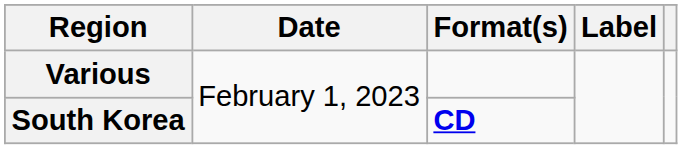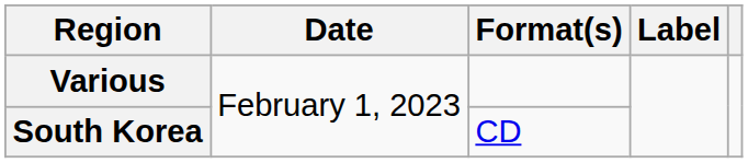 <table class="wikitable plainrowheaders">
 <tr>
 <th scope="col">Region</th>
 <th scope="col">Date</th>
 <th scope="col">Format(s)</th>
 <th scope="col">Label</th>
 <th scope="col"></th>
 </tr>
 <tr>
 <th scope="row">Various</th>
 <td rowspan="2">February 1, 2023</td>
 <td></td>
 <td rowspan="2"></td>
 <td style="text-align:center;" rowspan="2"></td>
 </tr>
 <tr>
 <th scope="row">South Korea</th>
-<td><strong><a href='#'>CD</a></strong></td>
+<td><a href='#'>CD</a></td>
 </tr>
 </table>
